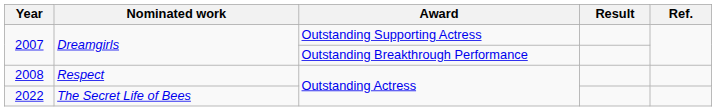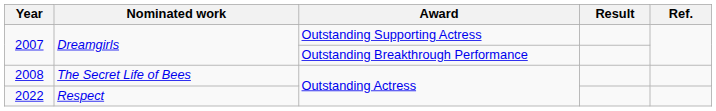 <table class="wikitable" style="width:70%;">
 <tr>
 <th style="width:3%;">Year</th>
 <th style="width:20%;">Nominated work</th>
 <th style="width:23%;">Award</th>
 <th style="width:5%;">Result</th>
 <th style="width:5%;">Ref.</th>
 </tr>
 <tr>
 <td rowspan="2" align="center"><a href='#'>2007</a></td>
 <td rowspan="2"><em><a href='#'>Dreamgirls</a></em></td>
 <td><a href='#'>Outstanding Supporting Actress</a></td>
 <td></td>
 <td rowspan="2" align="center"></td>
 </tr>
 <tr>
 <td><a href='#'>Outstanding Breakthrough Performance</a></td>
 <td></td>
 </tr>
 <tr>
 <td align="center"><a href='#'>2008</a></td>
-<td><em><a href='#'>Respect</a></em></td>
+<td><em><a href='#'>The Secret Life of Bees</a></em></td>
 <td rowspan="2"><a href='#'>Outstanding Actress</a></td>
 <td></td>
 <td align="center"></td>
 </tr>
 <tr>
 <td align="center"><a href='#'>2022</a></td>
-<td><em><a href='#'>The Secret Life of Bees</a></em></td>
+<td><em><a href='#'>Respect</a></em></td>
 <td></td>
 <td align="center"></td>
 </tr>
 </table>
